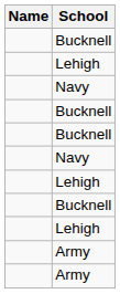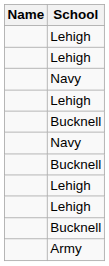 <table class=wikitable sortable>
 <tr>
 <th>Name</th>
 <th>School</th>
 </tr>
 <tr>
 <td></td>
-<td>Bucknell</td>
+<td>Lehigh</td>
 </tr>
 <tr>
 <td></td>
 <td>Lehigh</td>
-</tr>
-<tr>
-<td></td>
-<td>Navy</td>
-</tr>
-<tr>
-<td></td>
-<td>Bucknell</td>
-</tr>
-<tr>
-<td></td>
-<td>Bucknell</td>
 </tr>
 <tr>
 <td></td>
 <td>Navy</td>
 </tr>
 <tr>
 <td></td>
 <td>Lehigh</td>
 </tr>
 <tr>
 <td></td>
 <td>Bucknell</td>
 </tr>
 <tr>
 <td></td>
+<td>Navy</td>
+</tr>
+<tr>
+<td></td>
+<td>Bucknell</td>
+</tr>
+<tr>
+<td></td>
 <td>Lehigh</td>
 </tr>
 <tr>
 <td></td>
-<td>Army</td>
+<td>Lehigh</td>
+</tr>
+<tr>
+<td></td>
+<td>Bucknell</td>
 </tr>
 <tr>
 <td></td>
 <td>Army</td>
 </tr>
 </table>
